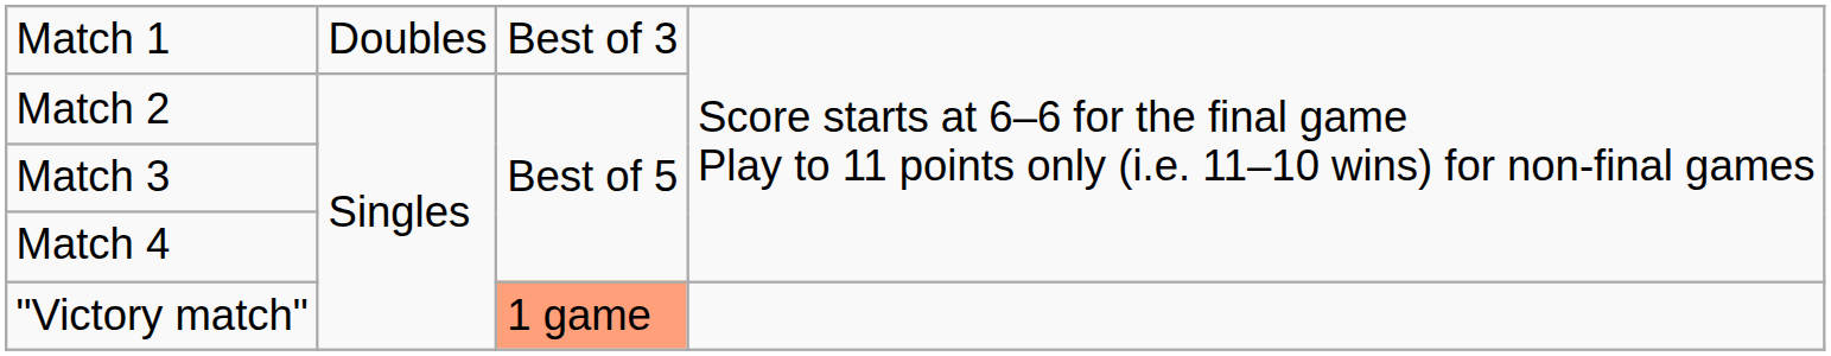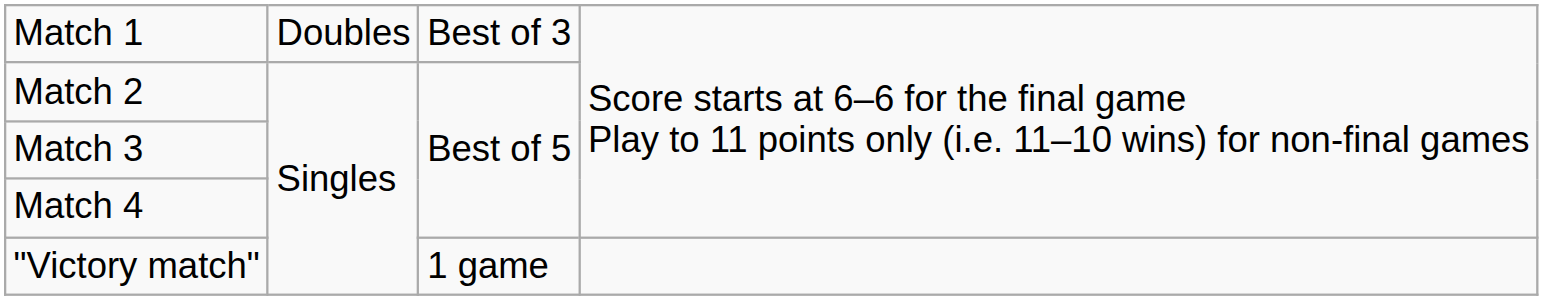 <table class="wikitable">
 <tr>
 <td>Match 1</td>
 <td>Doubles</td>
 <td>Best of 3</td>
 <td rowspan=4>Score starts at 6–6 for the final game<br>Play to 11 points only (i.e. 11–10 wins) for non-final games</td>
 </tr>
 <tr>
 <td>Match 2</td>
 <td rowspan=4>Singles</td>
 <td rowspan=3>Best of 5</td>
 </tr>
 <tr>
 <td>Match 3</td>
 </tr>
 <tr>
 <td>Match 4</td>
 </tr>
 <tr>
 <td>"Victory match"</td>
-<td style="background: lightsalmon;">1 game</td>
+<td>1 game</td>
 <td></td>
 </tr>
 </table>
